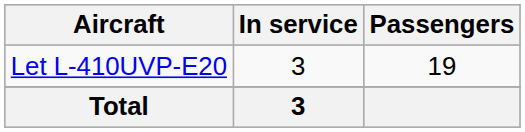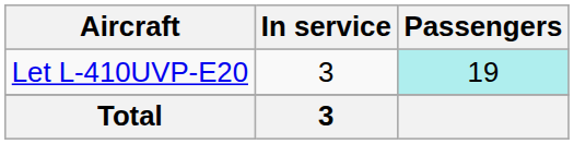 <table class="wikitable">
 <tr>
 <th>Aircraft</th>
 <th>In service</th>
 <th>Passengers</th>
 </tr>
 <tr>
 <td><a href='#'>Let L-410UVP-E20</a></td>
 <td align="center">3</td>
-<td align=center>19</td>
+<td align=center style="background: paleturquoise;">19</td>
 </tr>
 <tr>
 </tr>
 <tr>
 <th>Total</th>
 <th>3</th>
 <th></th>
 </tr>
 </table>
